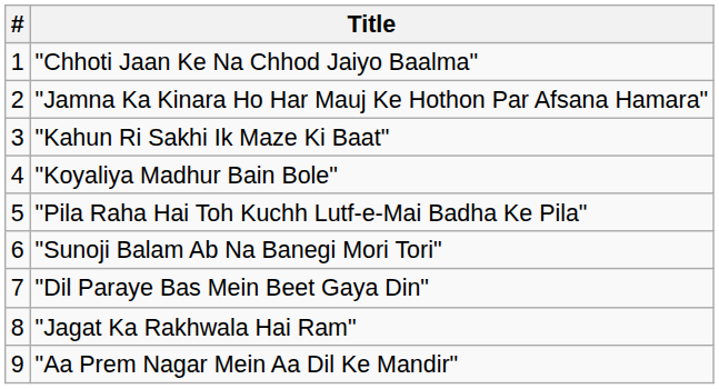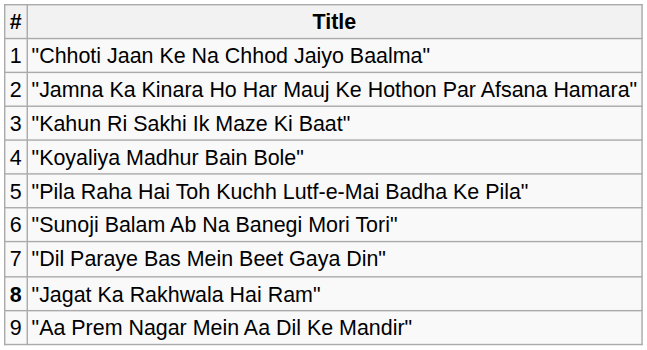 <table class="wikitable" style="font-size:95%;">
 <tr>
 <th>#</th>
 <th>Title</th>
 </tr>
 <tr>
 <td>1</td>
 <td>"Chhoti Jaan Ke Na Chhod Jaiyo Baalma"</td>
 </tr>
 <tr>
 <td>2</td>
 <td>"Jamna Ka Kinara Ho Har Mauj Ke Hothon Par Afsana Hamara"</td>
 </tr>
 <tr>
 <td>3</td>
 <td>"Kahun Ri Sakhi Ik Maze Ki Baat"</td>
 </tr>
 <tr>
 <td>4</td>
 <td>"Koyaliya Madhur Bain Bole"</td>
 </tr>
 <tr>
 <td>5</td>
 <td>"Pila Raha Hai Toh Kuchh Lutf-e-Mai Badha Ke Pila"</td>
 </tr>
 <tr>
 <td>6</td>
 <td>"Sunoji Balam Ab Na Banegi Mori Tori"</td>
 </tr>
 <tr>
 <td>7</td>
 <td>"Dil Paraye Bas Mein Beet Gaya Din"</td>
 </tr>
 <tr>
-<td>8</td>
+<td><strong>8</strong></td>
 <td>"Jagat Ka Rakhwala Hai Ram"</td>
 </tr>
 <tr>
 <td>9</td>
 <td>"Aa Prem Nagar Mein Aa Dil Ke Mandir"</td>
 </tr>
 </table>
